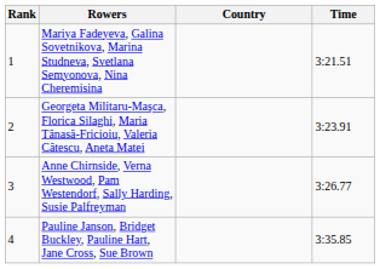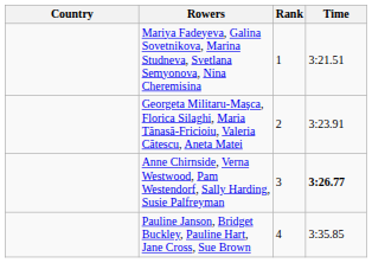 <table class="wikitable">
 <tr>
+<th width=175>Country</th>
+<th width=175>Rowers</th>
 <th width=25>Rank</th>
-<th width=175>Rowers</th>
-<th width=175>Country</th>
 <th width=75>Time</th>
 </tr>
 <tr>
+<td></td>
+<td><a href='#'>Mariya Fadeyeva</a>, <a href='#'>Galina Sovetnikova</a>, <a href='#'>Marina Studneva</a>, <a href='#'>Svetlana Semyonova</a>, <a href='#'>Nina Cheremisina</a></td>
 <td>1</td>
-<td><a href='#'>Mariya Fadeyeva</a>, <a href='#'>Galina Sovetnikova</a>, <a href='#'>Marina Studneva</a>, <a href='#'>Svetlana Semyonova</a>, <a href='#'>Nina Cheremisina</a></td>
-<td></td>
 <td>3:21.51</td>
 </tr>
 <tr>
+<td></td>
+<td><a href='#'>Georgeta Militaru-Maşca</a>, <a href='#'>Florica Silaghi</a>, <a href='#'>Maria Tănasă-Fricioiu</a>, <a href='#'>Valeria Cătescu</a>, <a href='#'>Aneta Matei</a></td>
 <td>2</td>
-<td><a href='#'>Georgeta Militaru-Maşca</a>, <a href='#'>Florica Silaghi</a>, <a href='#'>Maria Tănasă-Fricioiu</a>, <a href='#'>Valeria Cătescu</a>, <a href='#'>Aneta Matei</a></td>
-<td></td>
 <td>3:23.91</td>
 </tr>
 <tr>
+<td></td>
+<td><a href='#'>Anne Chirnside</a>, <a href='#'>Verna Westwood</a>, <a href='#'>Pam Westendorf</a>, <a href='#'>Sally Harding</a>, <a href='#'>Susie Palfreyman</a></td>
 <td>3</td>
-<td><a href='#'>Anne Chirnside</a>, <a href='#'>Verna Westwood</a>, <a href='#'>Pam Westendorf</a>, <a href='#'>Sally Harding</a>, <a href='#'>Susie Palfreyman</a></td>
-<td></td>
-<td>3:26.77</td>
+<td><strong>3:26.77</strong></td>
 </tr>
 <tr>
+<td></td>
+<td><a href='#'>Pauline Janson</a>, <a href='#'>Bridget Buckley</a>, <a href='#'>Pauline Hart</a>, <a href='#'>Jane Cross</a>, <a href='#'>Sue Brown</a></td>
 <td>4</td>
-<td><a href='#'>Pauline Janson</a>, <a href='#'>Bridget Buckley</a>, <a href='#'>Pauline Hart</a>, <a href='#'>Jane Cross</a>, <a href='#'>Sue Brown</a></td>
-<td></td>
 <td>3:35.85</td>
 </tr>
 </table>
